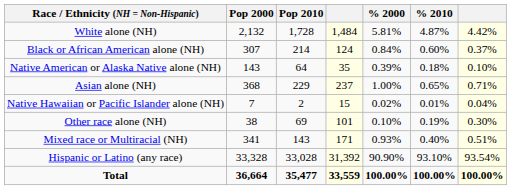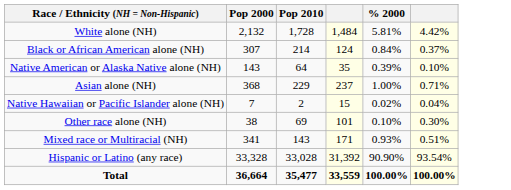 <table class="wikitable" style="text-align:center;">
 <tr>
 <th>Race / Ethnicity <small>(<em>NH = Non-Hispanic</em>)</small></th>
 <th>Pop 2000</th>
 <th>Pop 2010</th>
 <th></th>
 <th>% 2000</th>
-<th>% 2010</th>
 <th></th>
 </tr>
 <tr>
 <td><a href='#'>White</a> alone (NH)</td>
 <td>2,132</td>
 <td>1,728</td>
 <td style='background: #ffffe6;'>1,484</td>
 <td>5.81%</td>
-<td>4.87%</td>
 <td style='background: #ffffe6;'>4.42%</td>
 </tr>
 <tr>
 <td><a href='#'>Black or African American</a> alone (NH)</td>
 <td>307</td>
 <td>214</td>
 <td style='background: #ffffe6;'>124</td>
 <td>0.84%</td>
-<td>0.60%</td>
 <td style='background: #ffffe6;'>0.37%</td>
 </tr>
 <tr>
 <td><a href='#'>Native American</a> or <a href='#'>Alaska Native</a> alone (NH)</td>
 <td>143</td>
 <td>64</td>
 <td style='background: #ffffe6;'>35</td>
 <td>0.39%</td>
-<td>0.18%</td>
 <td style='background: #ffffe6;'>0.10%</td>
 </tr>
 <tr>
 <td><a href='#'>Asian</a> alone (NH)</td>
 <td>368</td>
 <td>229</td>
 <td style='background: #ffffe6;'>237</td>
 <td>1.00%</td>
-<td>0.65%</td>
 <td style='background: #ffffe6;'>0.71%</td>
 </tr>
 <tr>
 <td><a href='#'>Native Hawaiian</a> or <a href='#'>Pacific Islander</a> alone (NH)</td>
 <td>7</td>
 <td>2</td>
 <td style='background: #ffffe6;'>15</td>
 <td>0.02%</td>
-<td>0.01%</td>
 <td style='background: #ffffe6;'>0.04%</td>
 </tr>
 <tr>
 <td><a href='#'>Other race</a> alone (NH)</td>
 <td>38</td>
 <td>69</td>
 <td style='background: #ffffe6;'>101</td>
 <td>0.10%</td>
-<td>0.19%</td>
 <td style='background: #ffffe6;'>0.30%</td>
 </tr>
 <tr>
 <td><a href='#'>Mixed race or Multiracial</a> (NH)</td>
 <td>341</td>
 <td>143</td>
 <td style='background: #ffffe6;'>171</td>
 <td>0.93%</td>
-<td>0.40%</td>
 <td style='background: #ffffe6;'>0.51%</td>
 </tr>
 <tr>
 <td><a href='#'>Hispanic or Latino</a> (any race)</td>
 <td>33,328</td>
 <td>33,028</td>
 <td style='background: #ffffe6;'>31,392</td>
 <td>90.90%</td>
-<td>93.10%</td>
 <td style='background: #ffffe6;'>93.54%</td>
 </tr>
 <tr>
 <td><strong>Total</strong></td>
 <td><strong>36,664</strong></td>
 <td><strong>35,477</strong></td>
 <td style='background: #ffffe6;'><strong>33,559</strong></td>
 <td><strong>100.00%</strong></td>
-<td><strong>100.00%</strong></td>
 <td style='background: #ffffe6;'><strong>100.00%</strong></td>
 </tr>
 </table>
